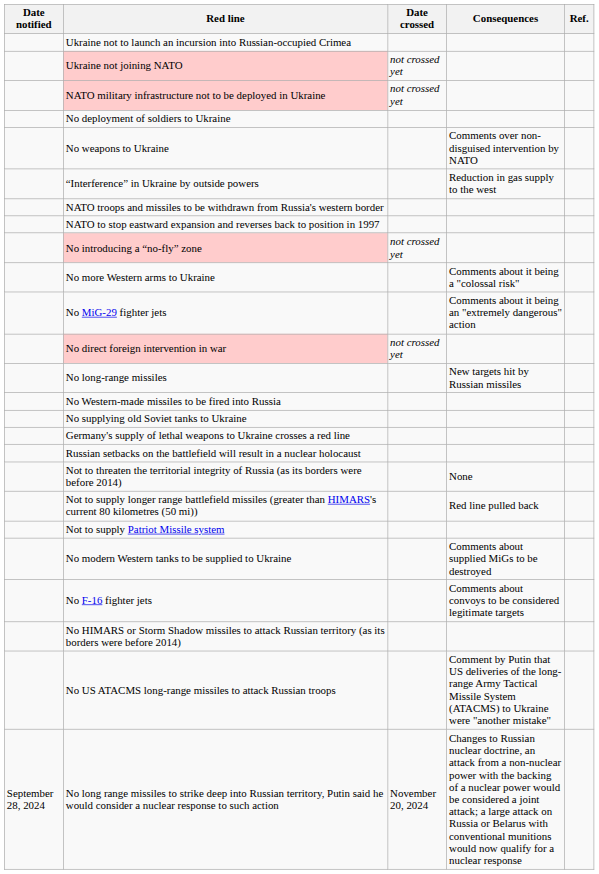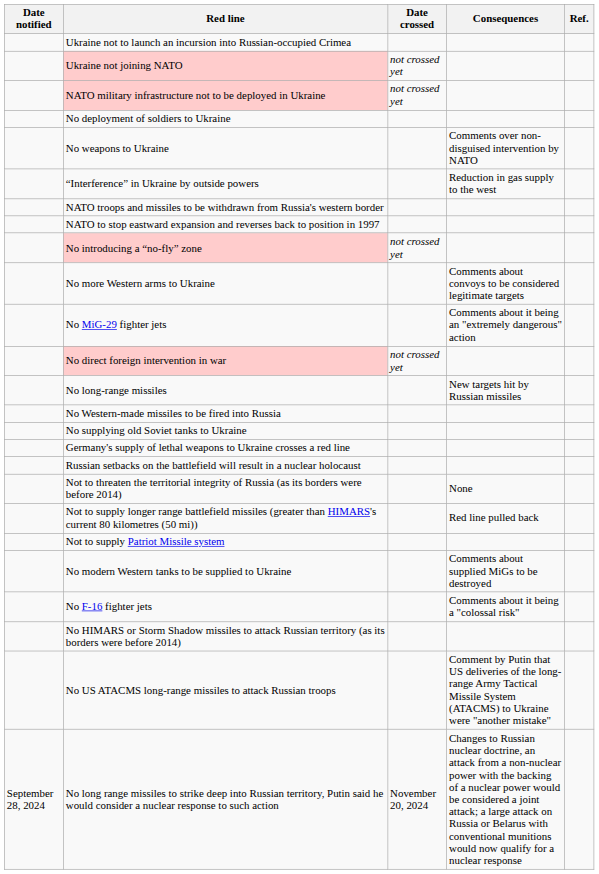 <table class="wikitable sortable">
 <tr>
 <th style="width:10%;">Date notified</th>
 <th>Red line</th>
 <th style="width:10%;">Date crossed</th>
 <th style="width:20%;">Consequences</th>
 <th style="width:5%;">Ref.</th>
 </tr>
 <tr>
 <td></td>
 <td>Ukraine not to launch an incursion into Russian-occupied Crimea</td>
 <td></td>
 <td></td>
 <td></td>
 </tr>
 <tr>
 <td></td>
 <td style="background:#fcc;">Ukraine not joining NATO</td>
 <td><em>not crossed yet</em></td>
 <td></td>
 <td></td>
 </tr>
 <tr>
 <td></td>
 <td style="background:#fcc;">NATO military infrastructure not to be deployed in Ukraine</td>
 <td><em>not crossed yet</em></td>
 <td></td>
 <td></td>
 </tr>
 <tr>
 <td></td>
 <td>No deployment of soldiers to Ukraine</td>
 <td></td>
 <td></td>
 <td><br> </td>
 </tr>
 <tr>
 <td></td>
 <td>No weapons to Ukraine</td>
 <td></td>
 <td>Comments over non-disguised intervention by NATO</td>
 <td></td>
 </tr>
 <tr>
 <td></td>
 <td>“Interference” in Ukraine by outside powers</td>
 <td></td>
 <td>Reduction in gas supply to the west</td>
 <td></td>
 </tr>
 <tr>
 <td></td>
 <td>NATO troops and missiles to be withdrawn from Russia's western border</td>
 <td></td>
 <td></td>
 <td></td>
 </tr>
 <tr>
 <td></td>
 <td>NATO to stop eastward expansion and reverses back to position in 1997</td>
 <td></td>
 <td></td>
 <td></td>
 </tr>
 <tr>
 <td></td>
 <td style="background:#fcc;">No introducing a “no-fly” zone</td>
 <td><em>not crossed yet</em></td>
 <td></td>
 <td></td>
 </tr>
 <tr>
 <td></td>
 <td>No more Western arms to Ukraine</td>
 <td></td>
-<td>Comments about it being a "colossal risk"</td>
+<td>Comments about convoys to be considered legitimate targets</td>
 <td></td>
 </tr>
 <tr>
 <td></td>
 <td>No <a href='#'>MiG-29</a> fighter jets</td>
 <td></td>
 <td>Comments about it being an "extremely dangerous" action</td>
 <td></td>
 </tr>
 <tr>
 <td></td>
 <td style="background:#fcc;">No direct foreign intervention in war</td>
 <td><em>not crossed yet</em></td>
 <td></td>
 <td></td>
 </tr>
 <tr>
 <td></td>
 <td>No long-range missiles</td>
 <td></td>
 <td>New targets hit by Russian missiles</td>
 <td></td>
 </tr>
 <tr>
 <td></td>
 <td>No Western-made missiles to be fired into Russia</td>
 <td></td>
 <td></td>
 <td></td>
 </tr>
 <tr>
 <td></td>
 <td>No supplying old Soviet tanks to Ukraine</td>
 <td></td>
 <td></td>
 <td></td>
 </tr>
 <tr>
 <td></td>
 <td>Germany's supply of lethal weapons to Ukraine crosses a red line</td>
 <td></td>
 <td></td>
 <td></td>
 </tr>
 <tr>
 <td></td>
 <td>Russian setbacks on the battlefield will result in a nuclear holocaust</td>
 <td></td>
 <td></td>
 <td></td>
 </tr>
 <tr>
 <td></td>
 <td>Not to threaten the territorial integrity of Russia (as its borders were before 2014)</td>
 <td></td>
 <td>None</td>
 <td></td>
 </tr>
 <tr>
 <td></td>
 <td>Not to supply longer range battlefield missiles (greater than <a href='#'>HIMARS</a>'s current 80 kilometres (50 mi))</td>
 <td></td>
 <td>Red line pulled back</td>
 <td></td>
 </tr>
 <tr>
 <td></td>
 <td>Not to supply <a href='#'>Patriot Missile system</a></td>
 <td></td>
 <td></td>
 <td></td>
 </tr>
 <tr>
 <td></td>
 <td>No modern Western tanks to be supplied to Ukraine</td>
 <td></td>
 <td>Comments about supplied MiGs to be destroyed</td>
 <td></td>
 </tr>
 <tr>
 <td></td>
 <td>No <a href='#'>F-16</a> fighter jets</td>
 <td></td>
-<td>Comments about convoys to be considered legitimate targets</td>
+<td>Comments about it being a "colossal risk"</td>
 <td></td>
 </tr>
 <tr>
 <td></td>
 <td>No HIMARS or Storm Shadow missiles to attack Russian territory (as its borders were before 2014)</td>
 <td></td>
 <td></td>
 <td></td>
 </tr>
 <tr>
 <td></td>
 <td>No US ATACMS long-range missiles to attack Russian troops</td>
 <td></td>
 <td>Comment by Putin that US deliveries of the long-range Army Tactical Missile System (ATACMS) to Ukraine were "another mistake"</td>
 <td></td>
 </tr>
 <tr>
 <td>September 28, 2024</td>
 <td>No long range missiles to strike deep into Russian territory, Putin said he would consider a nuclear response to such action</td>
 <td>November 20, 2024</td>
 <td>Changes to Russian nuclear doctrine, an attack from a non-nuclear power with the backing of a nuclear power would be considered a joint attack; a large attack on Russia or Belarus with conventional munitions would now qualify for a nuclear response</td>
 <td></td>
 </tr>
 </table>
